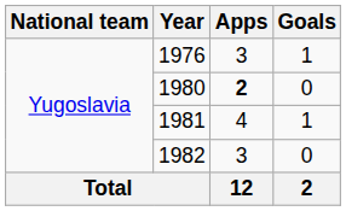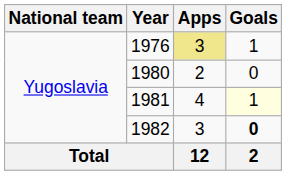 <table class="wikitable" style="text-align:center">
 <tr>
 <th>National team</th>
 <th>Year</th>
 <th>Apps</th>
 <th>Goals</th>
 </tr>
 <tr>
 <td rowspan="4"><a href='#'>Yugoslavia</a></td>
 <td>1976</td>
-<td>3</td>
+<td style="background: khaki;">3</td>
 <td>1</td>
 </tr>
 <tr>
 <td>1980</td>
-<td><strong>2</strong></td>
+<td>2</td>
 <td>0</td>
 </tr>
 <tr>
 <td>1981</td>
 <td>4</td>
-<td>1</td>
+<td style="background: lightyellow;">1</td>
 </tr>
 <tr>
 <td>1982</td>
 <td>3</td>
-<td>0</td>
+<td><strong>0</strong></td>
 </tr>
 <tr>
 <th colspan="2">Total</th>
 <th>12</th>
 <th>2</th>
 </tr>
 </table>
